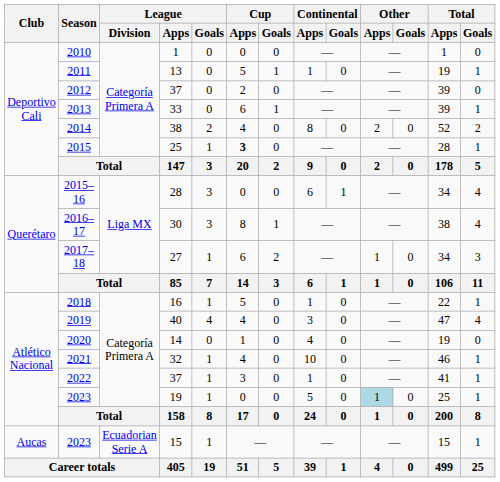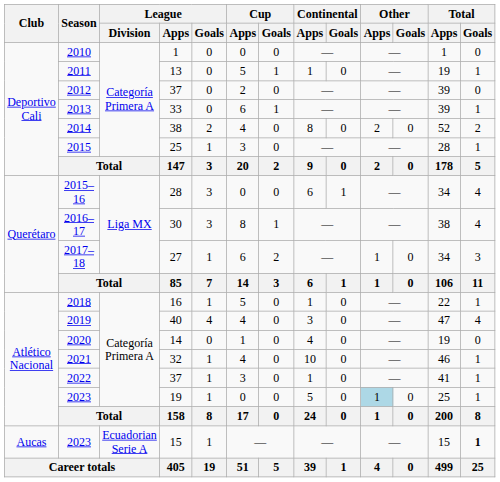 <table class="wikitable" style="text-align: center">
 <tr>
 <th rowspan=2>Club</th>
 <th rowspan=2>Season</th>
 <th colspan=3>League</th>
 <th colspan=2>Cup</th>
 <th colspan=2>Continental</th>
 <th colspan=2>Other</th>
 <th colspan=2>Total</th>
 </tr>
 <tr>
 <th>Division</th>
 <th>Apps</th>
 <th>Goals</th>
 <th>Apps</th>
 <th>Goals</th>
 <th>Apps</th>
 <th>Goals</th>
 <th>Apps</th>
 <th>Goals</th>
 <th>Apps</th>
 <th>Goals</th>
 </tr>
 <tr>
 <td rowspan=7><a href='#'>Deportivo Cali</a></td>
 <td><a href='#'>2010</a></td>
 <td rowspan=6><a href='#'>Categoría Primera A</a></td>
 <td>1</td>
 <td>0</td>
 <td>0</td>
 <td>0</td>
 <td colspan=2>—</td>
 <td colspan=2>—</td>
 <td>1</td>
 <td>0</td>
 </tr>
 <tr>
 <td><a href='#'>2011</a></td>
 <td>13</td>
 <td>0</td>
 <td>5</td>
 <td>1</td>
 <td>1</td>
 <td>0</td>
 <td colspan=2>—</td>
 <td>19</td>
 <td>1</td>
 </tr>
 <tr>
 <td><a href='#'>2012</a></td>
 <td>37</td>
 <td>0</td>
 <td>2</td>
 <td>0</td>
 <td colspan=2>—</td>
 <td colspan=2>—</td>
 <td>39</td>
 <td>0</td>
 </tr>
 <tr>
 <td><a href='#'>2013</a></td>
 <td>33</td>
 <td>0</td>
 <td>6</td>
 <td>1</td>
 <td colspan=2>—</td>
 <td colspan=2>—</td>
 <td>39</td>
 <td>1</td>
 </tr>
 <tr>
 <td><a href='#'>2014</a></td>
 <td>38</td>
 <td>2</td>
 <td>4</td>
 <td>0</td>
 <td>8</td>
 <td>0</td>
 <td>2</td>
 <td>0</td>
 <td>52</td>
 <td>2</td>
 </tr>
 <tr>
 <td><a href='#'>2015</a></td>
 <td>25</td>
 <td>1</td>
-<td><strong>3</strong></td>
+<td>3</td>
 <td>0</td>
 <td colspan=2>—</td>
 <td colspan=2>—</td>
 <td>28</td>
 <td>1</td>
 </tr>
 <tr>
 <th colspan=2>Total</th>
 <th>147</th>
 <th>3</th>
 <th>20</th>
 <th>2</th>
 <th>9</th>
 <th>0</th>
 <th>2</th>
 <th>0</th>
 <th>178</th>
 <th>5</th>
 </tr>
 <tr>
 <td rowspan=4><a href='#'>Querétaro</a></td>
 <td><a href='#'>2015–16</a></td>
 <td rowspan=3><a href='#'>Liga MX</a></td>
 <td>28</td>
 <td>3</td>
 <td>0</td>
 <td>0</td>
 <td>6</td>
 <td>1</td>
 <td colspan=2>—</td>
 <td>34</td>
 <td>4</td>
 </tr>
 <tr>
 <td><a href='#'>2016–17</a></td>
 <td>30</td>
 <td>3</td>
 <td>8</td>
 <td>1</td>
 <td colspan=2>—</td>
 <td colspan=2>—</td>
 <td>38</td>
 <td>4</td>
 </tr>
 <tr>
 <td><a href='#'>2017–18</a></td>
 <td>27</td>
 <td>1</td>
 <td>6</td>
 <td>2</td>
 <td colspan=2>—</td>
 <td>1</td>
 <td>0</td>
 <td>34</td>
 <td>3</td>
 </tr>
 <tr>
 <th colspan=2>Total</th>
 <th>85</th>
 <th>7</th>
 <th>14</th>
 <th>3</th>
 <th>6</th>
 <th>1</th>
 <th>1</th>
 <th>0</th>
 <th>106</th>
 <th>11</th>
 </tr>
 <tr>
 <td rowspan=7><a href='#'>Atlético Nacional</a></td>
 <td><a href='#'>2018</a></td>
 <td rowspan=6>Categoría Primera A</td>
 <td>16</td>
 <td>1</td>
 <td>5</td>
 <td>0</td>
 <td>1</td>
 <td>0</td>
 <td colspan=2>—</td>
 <td>22</td>
 <td>1</td>
 </tr>
 <tr>
 <td><a href='#'>2019</a></td>
 <td>40</td>
 <td>4</td>
 <td>4</td>
 <td>0</td>
 <td>3</td>
 <td>0</td>
 <td colspan=2>—</td>
 <td>47</td>
 <td>4</td>
 </tr>
 <tr>
 <td><a href='#'>2020</a></td>
 <td>14</td>
 <td>0</td>
 <td>1</td>
 <td>0</td>
 <td>4</td>
 <td>0</td>
 <td colspan=2>—</td>
 <td>19</td>
 <td>0</td>
 </tr>
 <tr>
 <td><a href='#'>2021</a></td>
 <td>32</td>
 <td>1</td>
 <td>4</td>
 <td>0</td>
 <td>10</td>
 <td>0</td>
 <td colspan=2>—</td>
 <td>46</td>
 <td>1</td>
 </tr>
 <tr>
 <td><a href='#'>2022</a></td>
 <td>37</td>
 <td>1</td>
 <td>3</td>
 <td>0</td>
 <td>1</td>
 <td>0</td>
 <td colspan=2>—</td>
 <td>41</td>
 <td>1</td>
 </tr>
 <tr>
 <td><a href='#'>2023</a></td>
 <td>19</td>
 <td>1</td>
 <td>0</td>
 <td>0</td>
 <td>5</td>
 <td>0</td>
 <td style="background: lightblue;">1</td>
 <td>0</td>
 <td>25</td>
 <td>1</td>
 </tr>
 <tr>
 <th colspan=2>Total</th>
 <th>158</th>
 <th>8</th>
 <th>17</th>
 <th>0</th>
 <th>24</th>
 <th>0</th>
 <th>1</th>
 <th>0</th>
 <th>200</th>
 <th>8</th>
 </tr>
 <tr>
 <td><a href='#'>Aucas</a></td>
 <td><a href='#'>2023</a></td>
 <td><a href='#'>Ecuadorian Serie A</a></td>
 <td>15</td>
 <td>1</td>
 <td colspan=2>—</td>
 <td colspan=2>—</td>
 <td colspan=2>—</td>
 <td>15</td>
-<td>1</td>
+<td><strong>1</strong></td>
 </tr>
 <tr>
 <th colspan=3>Career totals</th>
 <th>405</th>
 <th>19</th>
 <th>51</th>
 <th>5</th>
 <th>39</th>
 <th>1</th>
 <th>4</th>
 <th>0</th>
 <th>499</th>
 <th>25</th>
 </tr>
 </table>
